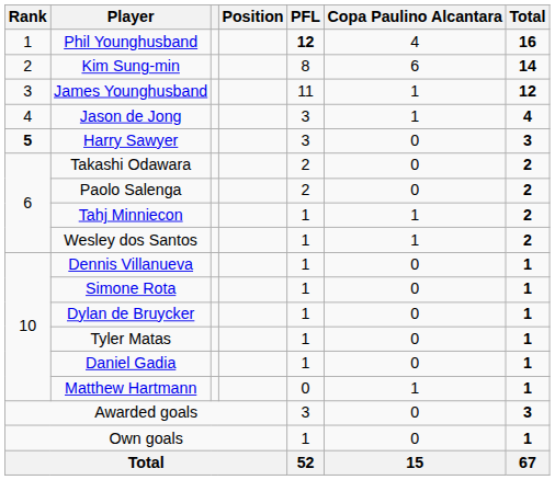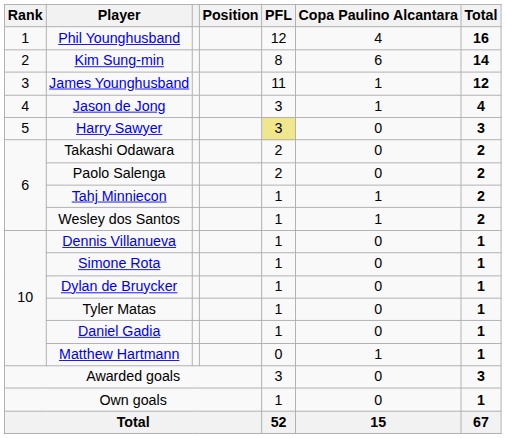 <table class="wikitable" style="text-align:center">
 <tr>
 <th>Rank</th>
 <th>Player</th>
 <th></th>
 <th>Position</th>
 <th>PFL</th>
 <th>Copa Paulino Alcantara</th>
 <th>Total</th>
 </tr>
 <tr>
 <td>1</td>
 <td><a href='#'>Phil Younghusband</a></td>
 <td></td>
 <td></td>
-<td><strong>12</strong></td>
+<td>12</td>
 <td>4</td>
 <td><strong>16</strong></td>
 </tr>
 <tr>
 <td>2</td>
 <td><a href='#'>Kim Sung-min</a></td>
 <td></td>
 <td></td>
 <td>8</td>
 <td>6</td>
 <td><strong>14</strong></td>
 </tr>
 <tr>
 <td>3</td>
 <td><a href='#'>James Younghusband</a></td>
 <td></td>
 <td></td>
 <td>11</td>
 <td>1</td>
 <td><strong>12</strong></td>
 </tr>
 <tr>
 <td>4</td>
 <td><a href='#'>Jason de Jong</a></td>
 <td></td>
 <td></td>
 <td>3</td>
 <td>1</td>
 <td><strong>4</strong></td>
 </tr>
 <tr>
-<td><strong>5</strong></td>
+<td>5</td>
 <td><a href='#'>Harry Sawyer</a></td>
 <td></td>
 <td></td>
-<td>3</td>
+<td style="background: khaki;">3</td>
 <td>0</td>
 <td><strong>3</strong></td>
 </tr>
 <tr>
 <td rowspan="4">6</td>
 <td>Takashi Odawara</td>
 <td></td>
 <td></td>
 <td>2</td>
 <td>0</td>
 <td><strong>2</strong></td>
 </tr>
 <tr>
 <td>Paolo Salenga</td>
 <td></td>
 <td></td>
 <td>2</td>
 <td>0</td>
 <td><strong>2</strong></td>
 </tr>
 <tr>
 <td><a href='#'>Tahj Minniecon</a></td>
 <td></td>
 <td></td>
 <td>1</td>
 <td>1</td>
 <td><strong>2</strong></td>
 </tr>
 <tr>
 <td>Wesley dos Santos</td>
 <td></td>
 <td></td>
 <td>1</td>
 <td>1</td>
 <td><strong>2</strong></td>
 </tr>
 <tr>
 <td rowspan="6">10</td>
 <td><a href='#'>Dennis Villanueva</a></td>
 <td></td>
 <td></td>
 <td>1</td>
 <td>0</td>
 <td><strong>1</strong></td>
 </tr>
 <tr>
 <td><a href='#'>Simone Rota</a></td>
 <td></td>
 <td></td>
 <td>1</td>
 <td>0</td>
 <td><strong>1</strong></td>
 </tr>
 <tr>
 <td><a href='#'>Dylan de Bruycker</a></td>
 <td></td>
 <td></td>
 <td>1</td>
 <td>0</td>
 <td><strong>1</strong></td>
 </tr>
 <tr>
 <td>Tyler Matas</td>
 <td></td>
 <td></td>
 <td>1</td>
 <td>0</td>
 <td><strong>1</strong></td>
 </tr>
 <tr>
 <td><a href='#'>Daniel Gadia</a></td>
 <td></td>
 <td></td>
 <td>1</td>
 <td>0</td>
 <td><strong>1</strong></td>
 </tr>
 <tr>
 <td><a href='#'>Matthew Hartmann</a></td>
 <td></td>
 <td></td>
 <td>0</td>
 <td>1</td>
 <td><strong>1</strong></td>
 </tr>
 <tr>
 <td colspan="4">Awarded goals</td>
 <td>3</td>
 <td>0</td>
 <td><strong>3</strong></td>
 </tr>
 <tr>
 <td colspan="4">Own goals</td>
 <td>1</td>
 <td>0</td>
 <td><strong>1</strong></td>
 </tr>
 <tr>
 <th colspan="4">Total</th>
 <th>52</th>
 <th>15</th>
 <th>67</th>
 </tr>
 </table>
